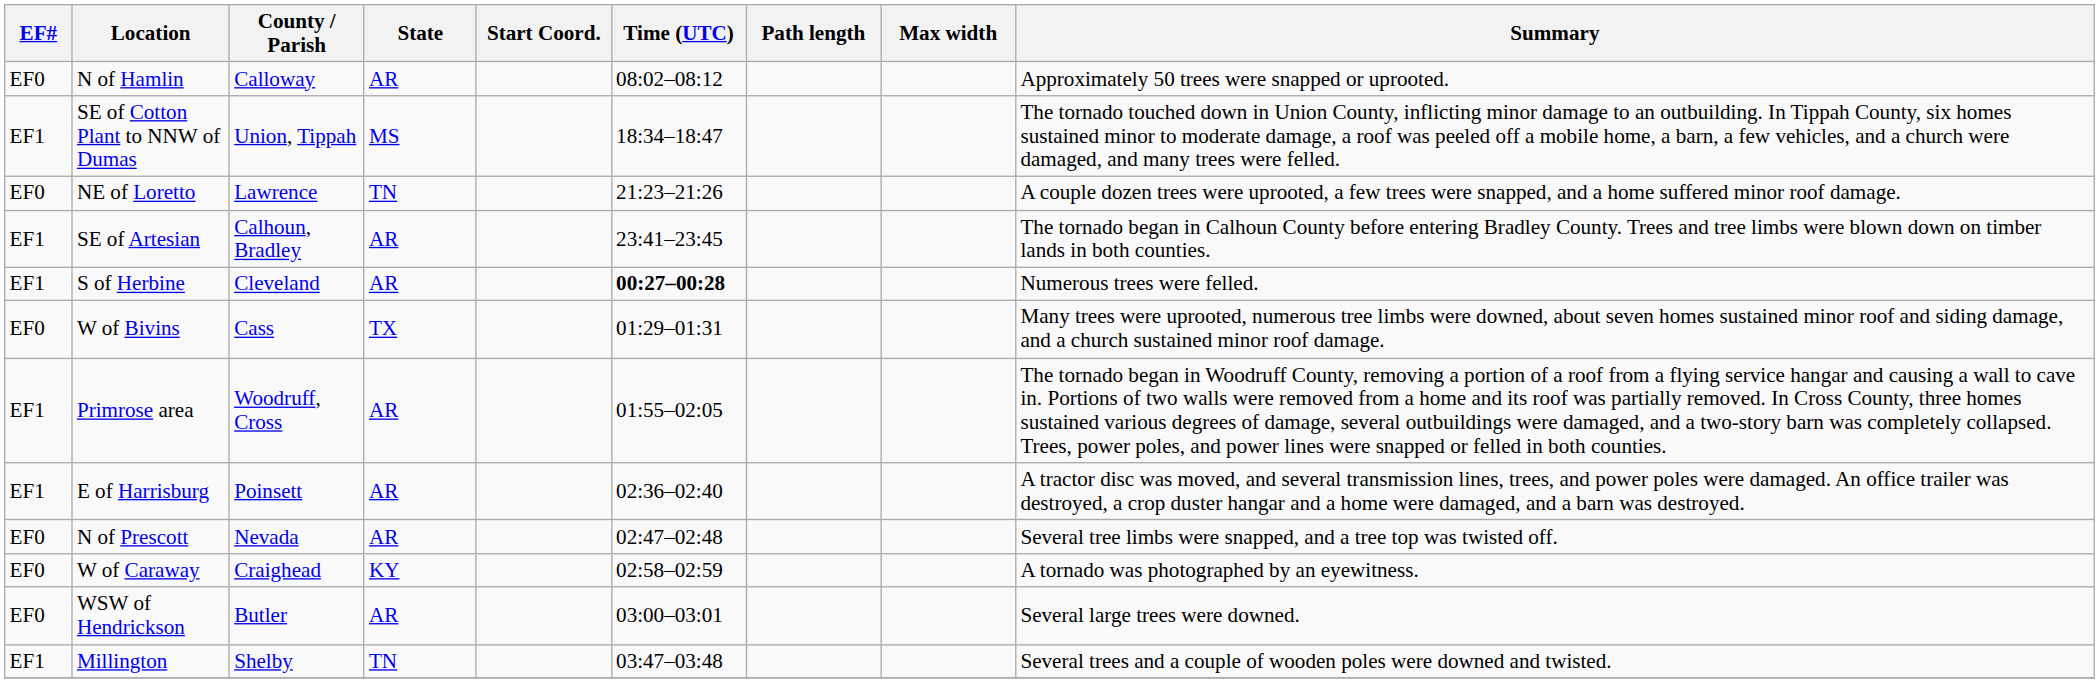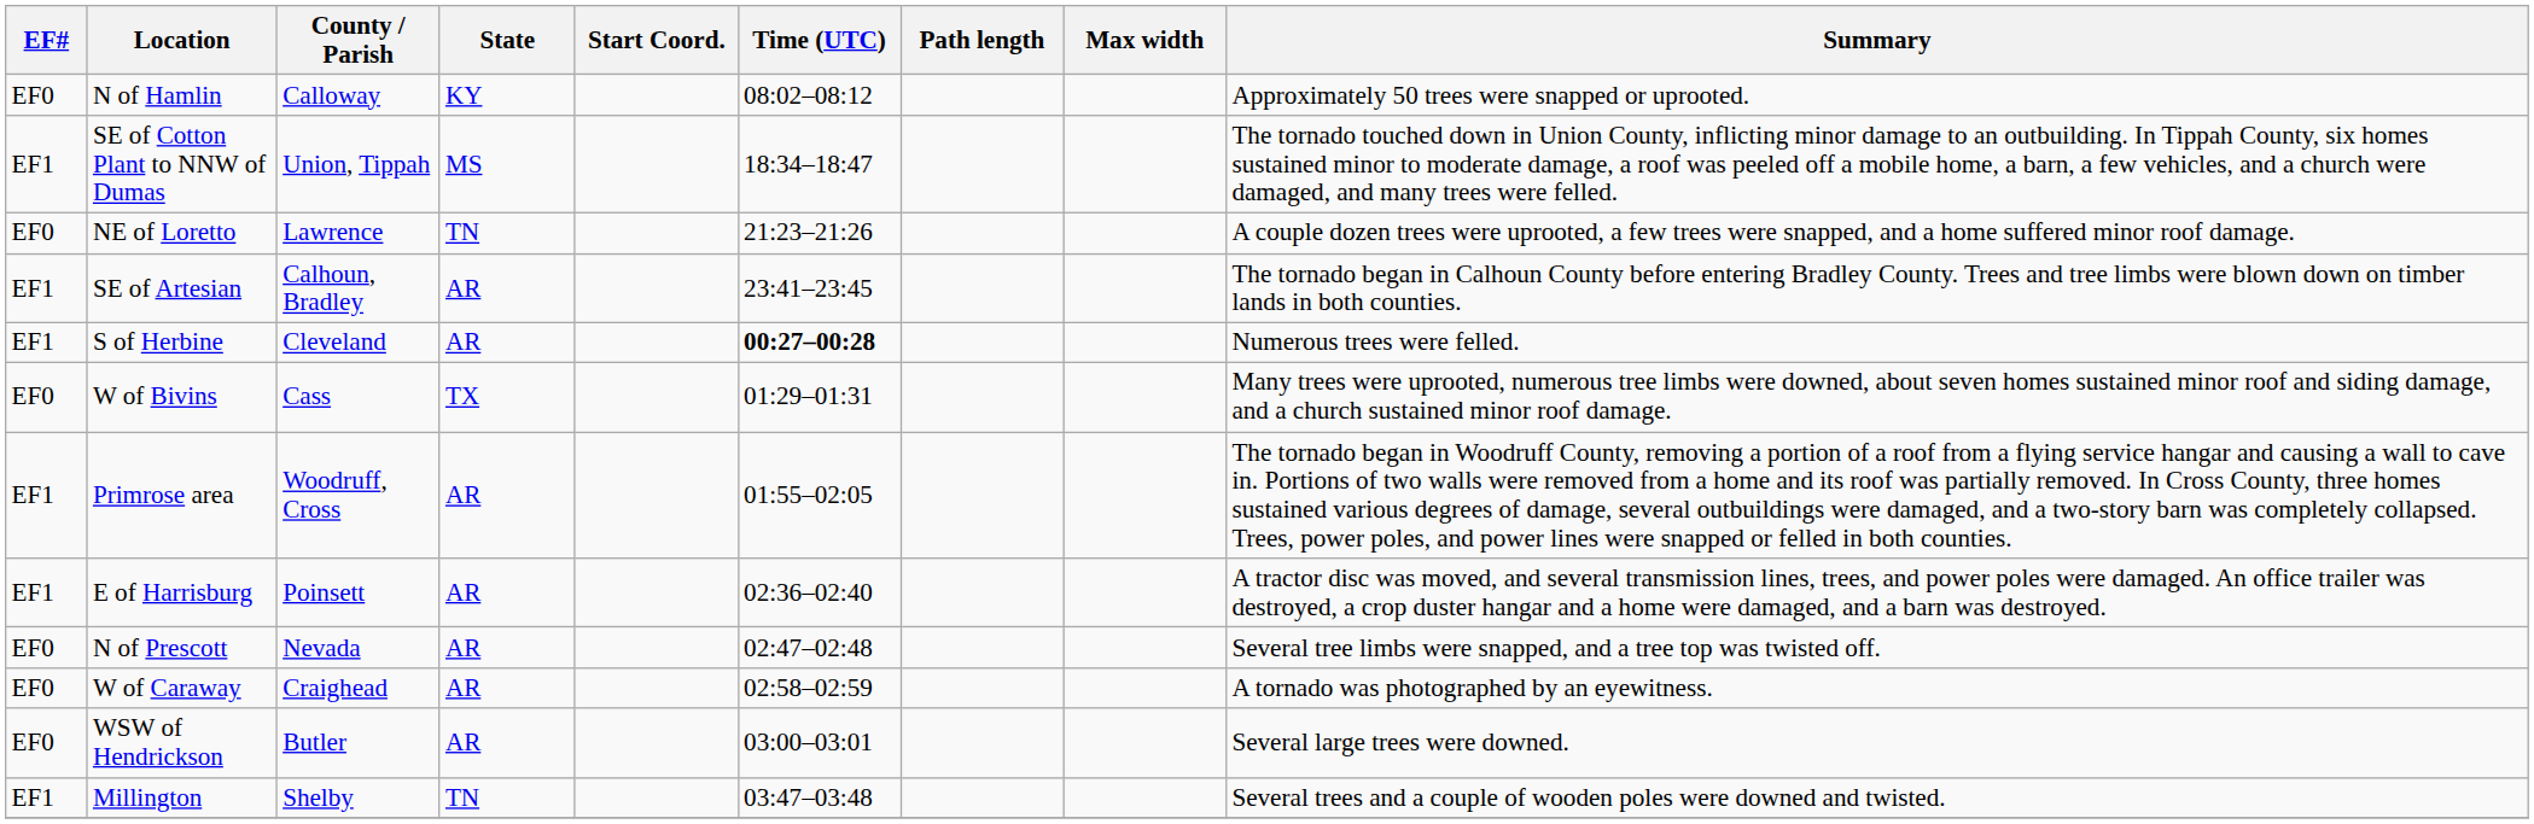 <table class="wikitable sortable" style="width:100%;">
 <tr>
 <th scope="col" width="3%" align="center"><a href='#'>EF#</a></th>
 <th scope="col" width="7%" align="center" class="unsortable">Location</th>
 <th scope="col" width="6%" align="center" class="unsortable">County / Parish</th>
 <th scope="col" width="5%" align="center">State</th>
 <th scope="col" width="6%" align="center">Start Coord.</th>
 <th scope="col" width="6%" align="center">Time (<a href='#'>UTC</a>)</th>
 <th scope="col" width="6%" align="center">Path length</th>
 <th scope="col" width="6%" align="center">Max width</th>
 <th scope="col" width="48%" class="unsortable" align="center">Summary</th>
 </tr>
 <tr>
 <td>EF0</td>
 <td>N of <a href='#'>Hamlin</a></td>
 <td><a href='#'>Calloway</a></td>
-<td><a href='#'>AR</a></td>
+<td><a href='#'>KY</a></td>
 <td></td>
 <td>08:02–08:12</td>
 <td></td>
 <td></td>
 <td>Approximately 50 trees were snapped or uprooted.</td>
 </tr>
 <tr>
 <td>EF1</td>
 <td>SE of <a href='#'>Cotton Plant</a> to NNW of <a href='#'>Dumas</a></td>
 <td><a href='#'>Union</a>, <a href='#'>Tippah</a></td>
 <td><a href='#'>MS</a></td>
 <td></td>
 <td>18:34–18:47</td>
 <td></td>
 <td></td>
 <td>The tornado touched down in Union County, inflicting minor damage to an outbuilding. In Tippah County, six homes sustained minor to moderate damage, a roof was peeled off a mobile home, a barn, a few vehicles, and a church were damaged, and many trees were felled.</td>
 </tr>
 <tr>
 <td>EF0</td>
 <td>NE of <a href='#'>Loretto</a></td>
 <td><a href='#'>Lawrence</a></td>
 <td><a href='#'>TN</a></td>
 <td></td>
 <td>21:23–21:26</td>
 <td></td>
 <td></td>
 <td>A couple dozen trees were uprooted, a few trees were snapped, and a home suffered minor roof damage.</td>
 </tr>
 <tr>
 <td>EF1</td>
 <td>SE of <a href='#'>Artesian</a></td>
 <td><a href='#'>Calhoun</a>, <a href='#'>Bradley</a></td>
 <td><a href='#'>AR</a></td>
 <td></td>
 <td>23:41–23:45</td>
 <td></td>
 <td></td>
 <td>The tornado began in Calhoun County before entering Bradley County. Trees and tree limbs were blown down on timber lands in both counties.</td>
 </tr>
 <tr>
 <td>EF1</td>
 <td>S of <a href='#'>Herbine</a></td>
 <td><a href='#'>Cleveland</a></td>
 <td><a href='#'>AR</a></td>
 <td></td>
 <td><strong>00:27–00:28</strong></td>
 <td></td>
 <td></td>
 <td>Numerous trees were felled.</td>
 </tr>
 <tr>
 <td>EF0</td>
 <td>W of <a href='#'>Bivins</a></td>
 <td><a href='#'>Cass</a></td>
 <td><a href='#'>TX</a></td>
 <td></td>
 <td>01:29–01:31</td>
 <td></td>
 <td></td>
 <td>Many trees were uprooted, numerous tree limbs were downed, about seven homes sustained minor roof and siding damage, and a church sustained minor roof damage.</td>
 </tr>
 <tr>
 <td>EF1</td>
 <td><a href='#'>Primrose</a> area</td>
 <td><a href='#'>Woodruff</a>, <a href='#'>Cross</a></td>
 <td><a href='#'>AR</a></td>
 <td></td>
 <td>01:55–02:05</td>
 <td></td>
 <td></td>
 <td>The tornado began in Woodruff County, removing a portion of a roof from a flying service hangar and causing a wall to cave in. Portions of two walls were removed from a home and its roof was partially removed. In Cross County, three homes sustained various degrees of damage, several outbuildings were damaged, and a two-story barn was completely collapsed. Trees, power poles, and power lines were snapped or felled in both counties.</td>
 </tr>
 <tr>
 <td>EF1</td>
 <td>E of <a href='#'>Harrisburg</a></td>
 <td><a href='#'>Poinsett</a></td>
 <td><a href='#'>AR</a></td>
 <td></td>
 <td>02:36–02:40</td>
 <td></td>
 <td></td>
 <td>A tractor disc was moved, and several transmission lines, trees, and power poles were damaged. An office trailer was destroyed, a crop duster hangar and a home were damaged, and a barn was destroyed.</td>
 </tr>
 <tr>
 <td>EF0</td>
 <td>N of <a href='#'>Prescott</a></td>
 <td><a href='#'>Nevada</a></td>
 <td><a href='#'>AR</a></td>
 <td></td>
 <td>02:47–02:48</td>
 <td></td>
 <td></td>
 <td>Several tree limbs were snapped, and a tree top was twisted off.</td>
 </tr>
 <tr>
 <td>EF0</td>
 <td>W of <a href='#'>Caraway</a></td>
 <td><a href='#'>Craighead</a></td>
-<td><a href='#'>KY</a></td>
+<td><a href='#'>AR</a></td>
 <td></td>
 <td>02:58–02:59</td>
 <td></td>
 <td></td>
 <td>A tornado was photographed by an eyewitness.</td>
 </tr>
 <tr>
 <td>EF0</td>
 <td>WSW of <a href='#'>Hendrickson</a></td>
 <td><a href='#'>Butler</a></td>
 <td><a href='#'>AR</a></td>
 <td></td>
 <td>03:00–03:01</td>
 <td></td>
 <td></td>
 <td>Several large trees were downed.</td>
 </tr>
 <tr>
 <td>EF1</td>
 <td><a href='#'>Millington</a></td>
 <td><a href='#'>Shelby</a></td>
 <td><a href='#'>TN</a></td>
 <td></td>
 <td>03:47–03:48</td>
 <td></td>
 <td></td>
 <td>Several trees and a couple of wooden poles were downed and twisted.</td>
 </tr>
 <tr>
 </tr>
 </table>
